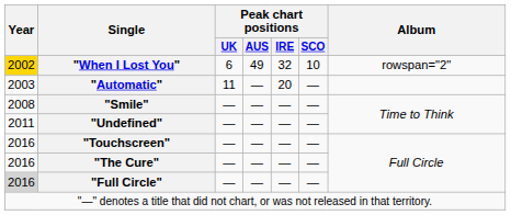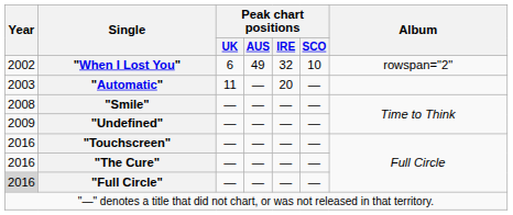 <table class="wikitable plainrowheaders" style="text-align:center;">
 <tr>
 <th scope="col" rowspan="2" style="width:2em;">Year</th>
 <th scope="col" rowspan="2" style="width:14em;">Single</th>
 <th scope="col" colspan="4">Peak chart positions</th>
 <th scope="col" rowspan="2" style="width:14em;">Album</th>
 </tr>
 <tr>
 <th scope="col" style="width:2em; font-size:90%;"><a href='#'>UK</a><br></th>
 <th scope="col" style="width:2em; font-size:90%;"><a href='#'>AUS</a><br></th>
 <th scope="col" style="width:2em; font-size:90%;"><a href='#'>IRE</a><br></th>
 <th scope="col" style="width:2em; font-size:90%;"><a href='#'>SCO</a></th>
 </tr>
 <tr>
-<td style="background: gold;">2002</td>
+<td>2002</td>
 <th scope="row">"<a href='#'>When I Lost You</a>"</th>
 <td align="center">6</td>
 <td align="center">49</td>
 <td align="center">32</td>
 <td align="center">10</td>
 <td>rowspan="2" </td>
 </tr>
 <tr>
 <td>2003</td>
 <th scope="row">"<a href='#'>Automatic</a>"</th>
 <td align="center">11</td>
 <td align="center">—</td>
 <td align="center">20</td>
 <td align="center">—</td>
 </tr>
 <tr>
 <td>2008</td>
 <th scope="row">"Smile"</th>
 <td align="center">—</td>
 <td align="center">—</td>
 <td align="center">—</td>
 <td align="center">—</td>
 <td rowspan="2"><em>Time to Think</em></td>
 </tr>
 <tr>
-<td>2011</td>
+<td>2009</td>
 <th scope="row">"Undefined"</th>
 <td align="center">—</td>
 <td align="center">—</td>
 <td align="center">—</td>
 <td align="center">—</td>
 </tr>
 <tr>
 <td>2016</td>
 <th scope="row">"Touchscreen"</th>
 <td align="center">—</td>
 <td align="center">—</td>
 <td align="center">—</td>
 <td align="center">—</td>
 <td rowspan="3"><em>Full Circle</em></td>
 </tr>
 <tr>
 <td>2016</td>
 <th scope="row">"The Cure"</th>
 <td align="center">—</td>
 <td align="center">—</td>
 <td align="center">—</td>
 <td align="center">—</td>
 </tr>
 <tr>
 <td style="background: lightgrey;">2016</td>
 <th scope="row">"Full Circle"</th>
 <td align="center">—</td>
 <td align="center">—</td>
 <td align="center">—</td>
 <td align="center">—</td>
 </tr>
 <tr>
 <td colspan="15" style="font-size:90%">"—" denotes a title that did not chart, or was not released in that territory.</td>
 </tr>
 </table>
